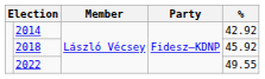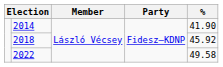 <table class="wikitable">
 <tr>
 <th colspan="2">Election</th>
 <th>Member</th>
 <th>Party</th>
 <th>%</th>
 </tr>
 <tr>
 <td rowspan="3" style="color:inherit;background:"></td>
 <td><a href='#'>2014</a></td>
 <td rowspan="3"><a href='#'>László Vécsey</a></td>
 <td rowspan="3"><a href='#'>Fidesz–KDNP</a></td>
-<td align="right">42.92</td>
+<td align="right">41.90</td>
 </tr>
 <tr>
 <td><a href='#'>2018</a></td>
 <td align="right">45.92</td>
 </tr>
 <tr>
 <td><a href='#'>2022</a></td>
-<td align="right">49.55</td>
+<td align="right">49.58</td>
 </tr>
 </table>
